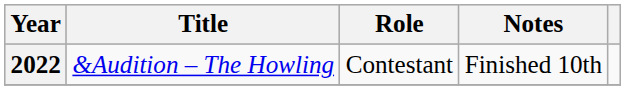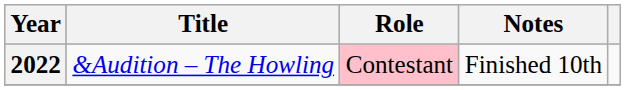 <table class="wikitable sortable plainrowheaders">
 <tr>
 <th scope="col">Year</th>
 <th scope="col">Title</th>
 <th scope="col">Role</th>
 <th scope="col">Notes</th>
 <th scope="col" class="unsortable"></th>
 </tr>
 <tr>
 <th scope="row">2022</th>
 <td><em><a href='#'>&Audition – The Howling</a></em></td>
-<td>Contestant</td>
+<td style="background: pink;">Contestant</td>
 <td>Finished 10th</td>
 <td></td>
 </tr>
 <tr>
 </tr>
 </table>
